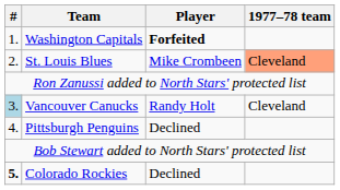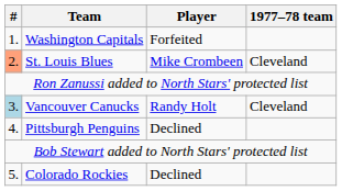 <table class="wikitable">
 <tr>
 <th>#</th>
 <th>Team</th>
 <th>Player</th>
 <th>1977–78 team</th>
 </tr>
 <tr>
 <td>1.</td>
 <td><a href='#'>Washington Capitals</a></td>
-<td><strong>Forfeited</strong></td>
+<td>Forfeited</td>
 <td></td>
 </tr>
 <tr>
-<td>2.</td>
+<td style="background: lightsalmon;">2.</td>
 <td><a href='#'>St. Louis Blues</a></td>
 <td><a href='#'>Mike Crombeen</a></td>
-<td style="background: lightsalmon;">Cleveland</td>
+<td>Cleveland</td>
 </tr>
 <tr align=center>
 <td colspan="4"><em><a href='#'>Ron Zanussi</a> added to <a href='#'>North Stars'</a> protected list</em></td>
 </tr>
 <tr>
 <td style="background: lightblue;">3.</td>
 <td><a href='#'>Vancouver Canucks</a></td>
 <td><a href='#'>Randy Holt</a></td>
 <td>Cleveland</td>
 </tr>
 <tr>
 <td>4.</td>
 <td><a href='#'>Pittsburgh Penguins</a></td>
 <td>Declined</td>
 <td></td>
 </tr>
 <tr align=center>
 <td colspan="4"><em><a href='#'>Bob Stewart</a> added to North Stars' protected list</em></td>
 </tr>
 <tr>
-<td><strong>5.</strong></td>
+<td>5.</td>
 <td><a href='#'>Colorado Rockies</a></td>
 <td>Declined</td>
 <td></td>
 </tr>
 </table>
